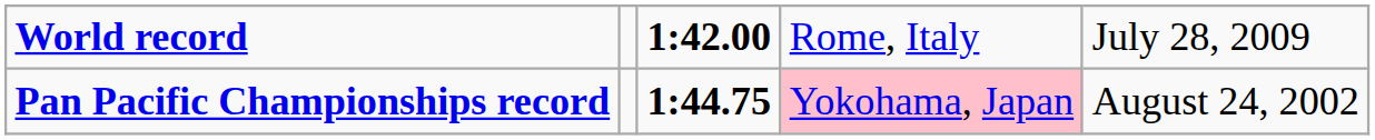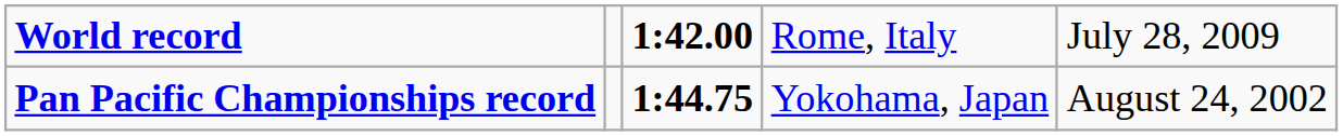 <table class="wikitable">
 <tr>
 <td><strong><a href='#'>World record</a></strong></td>
 <td></td>
 <td><strong>1:42.00</strong></td>
 <td><a href='#'>Rome</a>, <a href='#'>Italy</a></td>
 <td>July 28, 2009</td>
 </tr>
 <tr>
 <td><strong><a href='#'>Pan Pacific Championships record</a></strong></td>
 <td></td>
 <td><strong>1:44.75</strong></td>
-<td style="background: pink;"><a href='#'>Yokohama</a>, <a href='#'>Japan</a></td>
+<td><a href='#'>Yokohama</a>, <a href='#'>Japan</a></td>
 <td>August 24, 2002</td>
 </tr>
 </table>
